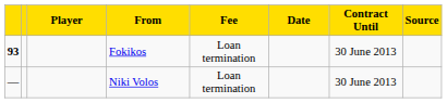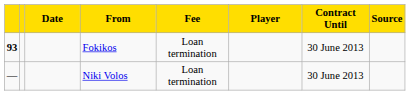 <table class="wikitable sortable">
 <tr>
 <th style="background:#FFDE00"></th>
 <th style="background:#FFDE00"></th>
-<th width=200 style="background:#FFDE00">Player</th>
+<th width=150 style="background:#FFDE00">Date</th>
 <th width=200 style="background:#FFDE00">From</th>
 <th width=150 style="background:#FFDE00">Fee</th>
-<th width=150 style="background:#FFDE00">Date</th>
+<th width=200 style="background:#FFDE00">Player</th>
 <th width=150 style="background:#FFDE00">Contract Until</th>
 <th style="background:#FFDE00">Source</th>
 </tr>
 <tr>
 <td align=center><strong>93</strong></td>
 <td align=center></td>
-<td></td>
+<td align=center></td>
 <td> <a href='#'>Fokikos</a></td>
 <td align=center>Loan termination</td>
-<td align=center></td>
+<td></td>
 <td align=center>30 June 2013</td>
 <td align=center></td>
 </tr>
 <tr>
 <td align=center>—</td>
 <td align=center></td>
-<td></td>
+<td align=center></td>
 <td> <a href='#'>Niki Volos</a></td>
 <td align=center>Loan termination</td>
-<td align=center></td>
+<td></td>
 <td align=center>30 June 2013</td>
 <td align=center></td>
 </tr>
 </table>
